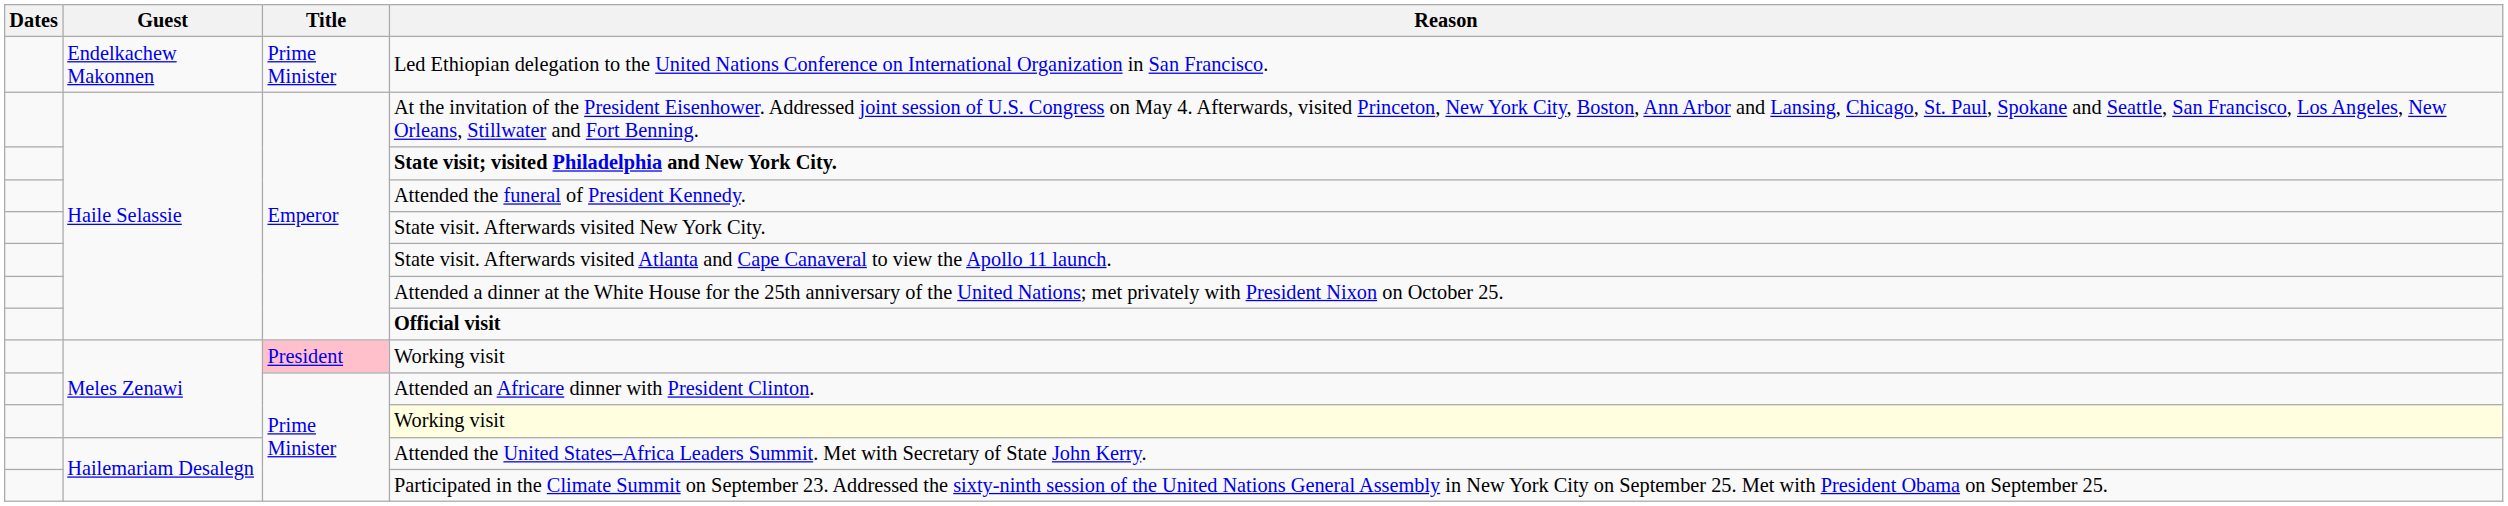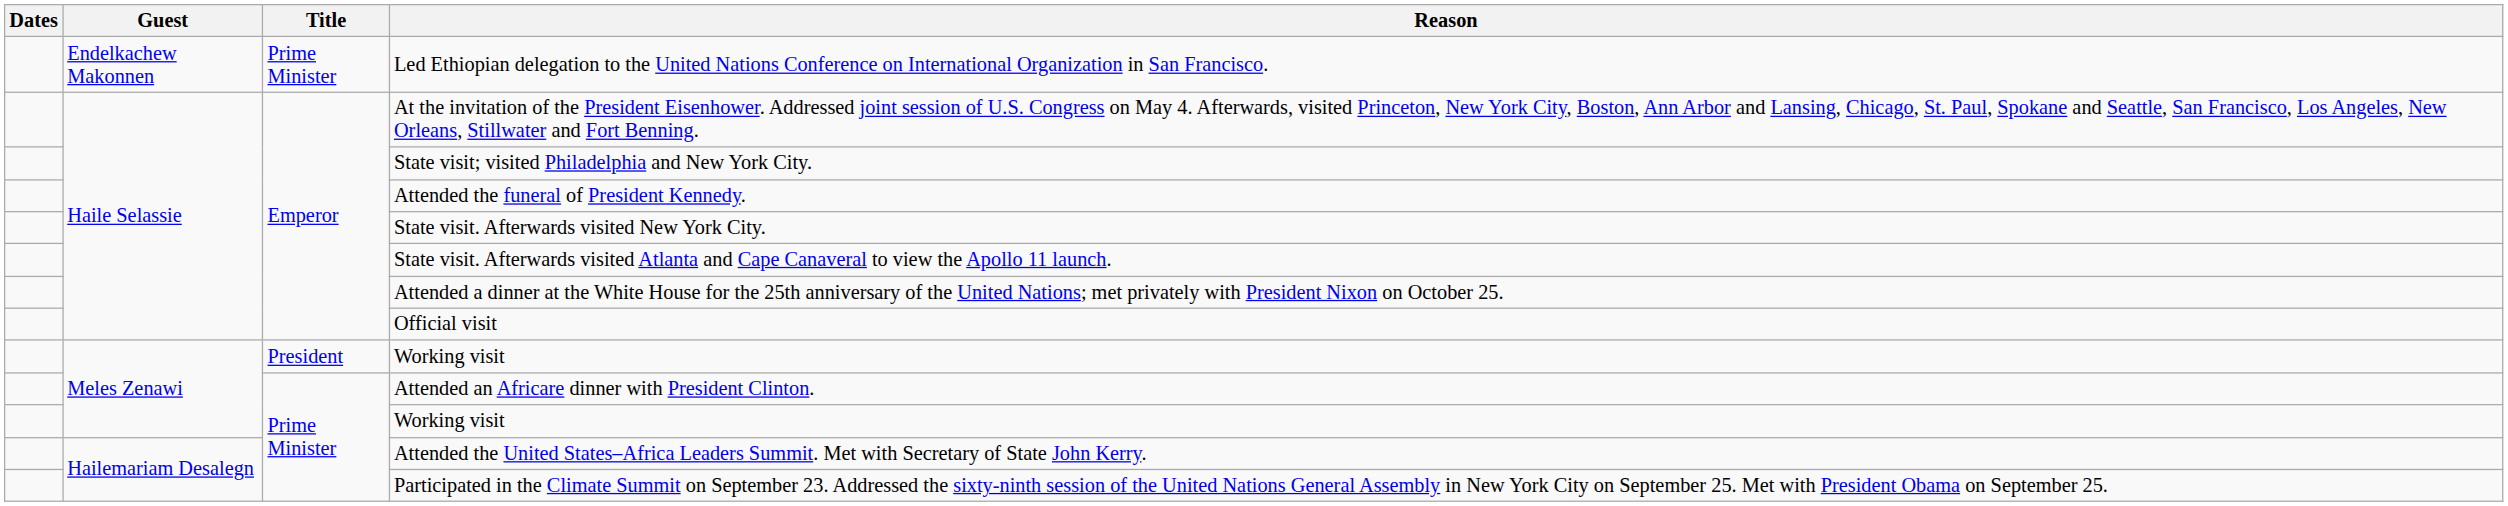 <table class="wikitable sortable">
 <tr>
 <th>Dates</th>
 <th>Guest</th>
 <th>Title</th>
 <th>Reason</th>
 </tr>
 <tr>
 <td></td>
 <td><a href='#'>Endelkachew Makonnen</a></td>
 <td><a href='#'>Prime Minister</a></td>
 <td>Led Ethiopian delegation to the <a href='#'>United Nations Conference on International Organization</a> in <a href='#'>San Francisco</a>.</td>
 </tr>
 <tr>
 <td></td>
 <td rowspan=7><a href='#'>Haile Selassie</a></td>
 <td rowspan=7><a href='#'>Emperor</a></td>
 <td>At the invitation of the <a href='#'>President Eisenhower</a>. Addressed <a href='#'>joint session of U.S. Congress</a> on May 4. Afterwards, visited <a href='#'>Princeton</a>, <a href='#'>New York City</a>, <a href='#'>Boston</a>, <a href='#'>Ann Arbor</a> and <a href='#'>Lansing</a>, <a href='#'>Chicago</a>, <a href='#'>St. Paul</a>, <a href='#'>Spokane</a> and <a href='#'>Seattle</a>, <a href='#'>San Francisco</a>, <a href='#'>Los Angeles</a>, <a href='#'>New Orleans</a>, <a href='#'>Stillwater</a> and <a href='#'>Fort Benning</a>.</td>
 </tr>
 <tr>
 <td></td>
-<td><strong>State visit; visited <a href='#'>Philadelphia</a> and New York City.</strong></td>
+<td>State visit; visited <a href='#'>Philadelphia</a> and New York City.</td>
 </tr>
 <tr>
 <td></td>
 <td>Attended the <a href='#'>funeral</a> of <a href='#'>President Kennedy</a>.</td>
 </tr>
 <tr>
 <td></td>
 <td>State visit. Afterwards visited New York City.</td>
 </tr>
 <tr>
 <td></td>
 <td>State visit. Afterwards visited <a href='#'>Atlanta</a> and <a href='#'>Cape Canaveral</a> to view the <a href='#'>Apollo 11 launch</a>.</td>
 </tr>
 <tr>
 <td></td>
 <td>Attended a dinner at the White House for the 25th anniversary of the <a href='#'>United Nations</a>; met privately with <a href='#'>President Nixon</a> on October 25.</td>
 </tr>
 <tr>
 <td></td>
-<td><strong>Official visit</strong></td>
+<td>Official visit</td>
 </tr>
 <tr>
 <td></td>
 <td rowspan=3><a href='#'>Meles Zenawi</a></td>
-<td style="background: pink;"><a href='#'>President</a></td>
+<td><a href='#'>President</a></td>
 <td>Working visit</td>
 </tr>
 <tr>
 <td></td>
 <td rowspan=4><a href='#'>Prime Minister</a></td>
 <td>Attended an <a href='#'>Africare</a> dinner with <a href='#'>President Clinton</a>.</td>
 </tr>
 <tr>
 <td></td>
-<td style="background: lightyellow;">Working visit</td>
+<td>Working visit</td>
 </tr>
 <tr>
 <td></td>
 <td rowspan=2><a href='#'>Hailemariam Desalegn</a></td>
 <td>Attended the <a href='#'>United States–Africa Leaders Summit</a>. Met with Secretary of State <a href='#'>John Kerry</a>.</td>
 </tr>
 <tr>
 <td></td>
 <td>Participated in the <a href='#'>Climate Summit</a> on September 23. Addressed the <a href='#'>sixty-ninth session of the United Nations General Assembly</a> in New York City on September 25. Met with <a href='#'>President Obama</a> on September 25.</td>
 </tr>
 </table>
